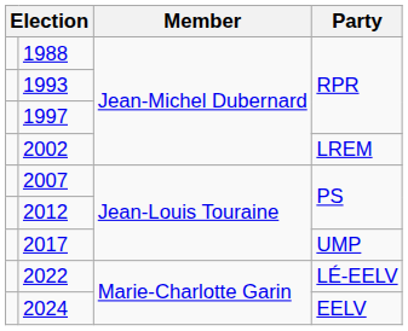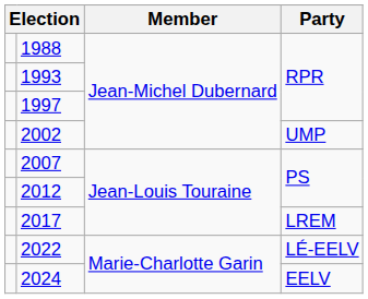 <table class="wikitable">
 <tr>
 <th colspan=2>Election</th>
 <th>Member</th>
 <th>Party</th>
 </tr>
 <tr>
 <td style="background-color: "></td>
 <td><a href='#'>1988</a></td>
 <td rowspan="4"><a href='#'>Jean-Michel Dubernard</a></td>
 <td rowspan="3"><a href='#'>RPR</a></td>
 </tr>
 <tr>
 <td style="background-color: "></td>
 <td><a href='#'>1993</a></td>
 </tr>
 <tr>
 <td style="background-color: "></td>
 <td><a href='#'>1997</a></td>
 </tr>
 <tr>
 <td style="background-color: "></td>
 <td><a href='#'>2002</a></td>
-<td><a href='#'>LREM</a></td>
+<td><a href='#'>UMP</a></td>
 </tr>
 <tr>
 <td style="background-color: "></td>
 <td><a href='#'>2007</a></td>
 <td rowspan="3"><a href='#'>Jean-Louis Touraine</a></td>
 <td rowspan="2"><a href='#'>PS</a></td>
 </tr>
 <tr>
 <td style="background-color: "></td>
 <td><a href='#'>2012</a></td>
 </tr>
 <tr>
 <td style="background-color: "></td>
 <td><a href='#'>2017</a></td>
-<td><a href='#'>UMP</a></td>
+<td><a href='#'>LREM</a></td>
 </tr>
 <tr>
 <td style="background-color: "></td>
 <td><a href='#'>2022</a></td>
 <td rowspan="2"><a href='#'>Marie-Charlotte Garin</a></td>
 <td><a href='#'>LÉ-EELV</a></td>
 </tr>
 <tr>
 <td style="background-color: "></td>
 <td><a href='#'>2024</a></td>
 <td><a href='#'>EELV</a></td>
 </tr>
 </table>
